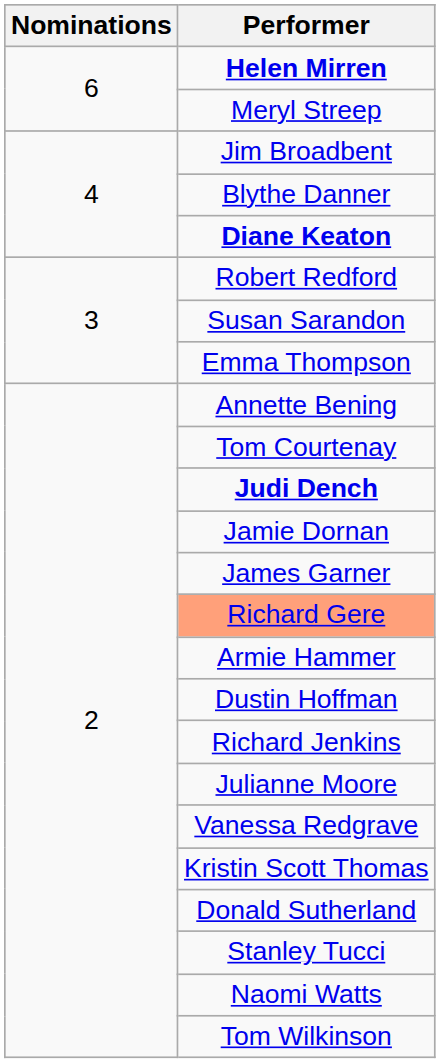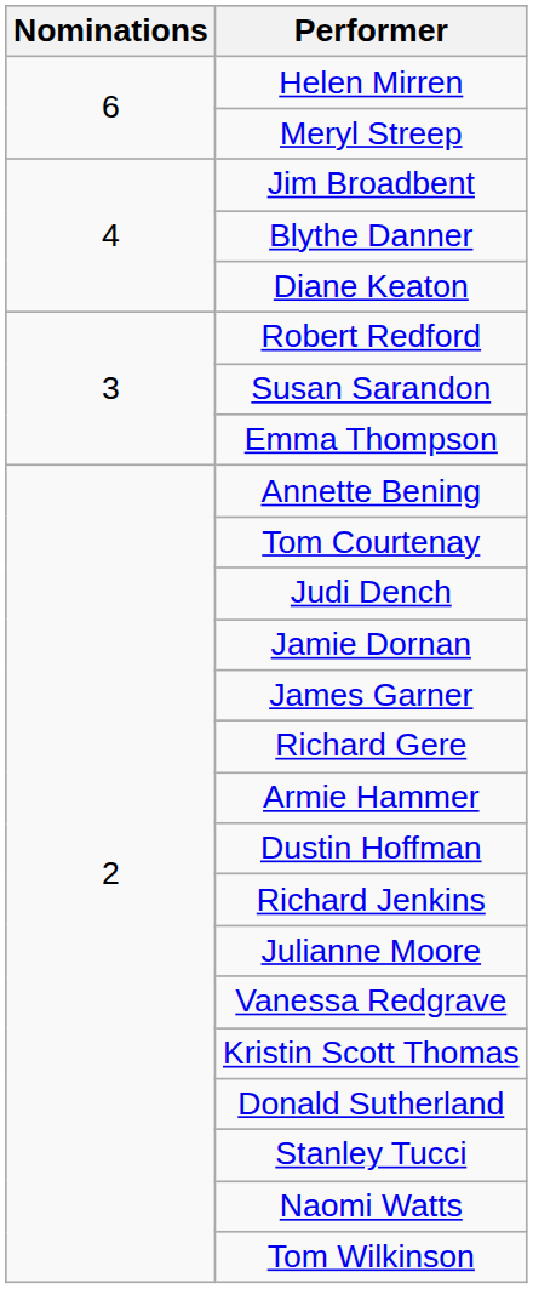 <table class="wikitable" style="text-align:center;">
 <tr>
 <th scope="col" width="55">Nominations</th>
 <th scope="col" align="center">Performer</th>
 </tr>
 <tr>
 <td rowspan=2 style="text-align:center">6</td>
-<td><strong><a href='#'>Helen Mirren</a></strong></td>
+<td><a href='#'>Helen Mirren</a></td>
 </tr>
 <tr>
 <td><a href='#'>Meryl Streep</a></td>
 </tr>
 <tr>
 <td rowspan=3 style="text-align:center">4</td>
 <td><a href='#'>Jim Broadbent</a></td>
 </tr>
 <tr>
 <td><a href='#'>Blythe Danner</a></td>
 </tr>
 <tr>
-<td><strong><a href='#'>Diane Keaton</a></strong></td>
+<td><a href='#'>Diane Keaton</a></td>
 </tr>
 <tr>
 <td rowspan=3 style="text-align:center">3</td>
 <td><a href='#'>Robert Redford</a></td>
 </tr>
 <tr>
 <td><a href='#'>Susan Sarandon</a></td>
 </tr>
 <tr>
 <td><a href='#'>Emma Thompson</a></td>
 </tr>
 <tr>
 <td rowspan=16 style="text-align:center">2</td>
 <td><a href='#'>Annette Bening</a></td>
 </tr>
 <tr>
 <td><a href='#'>Tom Courtenay</a></td>
 </tr>
 <tr>
-<td><strong><a href='#'>Judi Dench</a></strong></td>
+<td><a href='#'>Judi Dench</a></td>
 </tr>
 <tr>
 <td><a href='#'>Jamie Dornan</a></td>
 </tr>
 <tr>
 <td><a href='#'>James Garner</a></td>
 </tr>
 <tr>
-<td style="background: lightsalmon;"><a href='#'>Richard Gere</a></td>
+<td><a href='#'>Richard Gere</a></td>
 </tr>
 <tr>
 <td><a href='#'>Armie Hammer</a></td>
 </tr>
 <tr>
 <td><a href='#'>Dustin Hoffman</a></td>
 </tr>
 <tr>
 <td><a href='#'>Richard Jenkins</a></td>
 </tr>
 <tr>
 <td><a href='#'>Julianne Moore</a></td>
 </tr>
 <tr>
 <td><a href='#'>Vanessa Redgrave</a></td>
 </tr>
 <tr>
 <td><a href='#'>Kristin Scott Thomas</a></td>
 </tr>
 <tr>
 <td><a href='#'>Donald Sutherland</a></td>
 </tr>
 <tr>
 <td><a href='#'>Stanley Tucci</a></td>
 </tr>
 <tr>
 <td><a href='#'>Naomi Watts</a></td>
 </tr>
 <tr>
 <td><a href='#'>Tom Wilkinson</a></td>
 </tr>
 </table>
